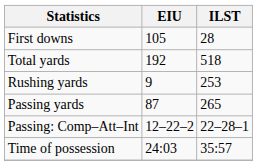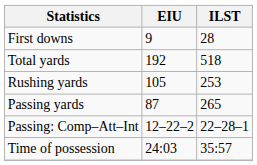 <table class="wikitable" style="float: left;">
 <tr>
 <th>Statistics</th>
 <th>EIU</th>
 <th>ILST</th>
 </tr>
 <tr>
 <td>First downs</td>
-<td>105</td>
+<td>9</td>
 <td>28</td>
 </tr>
 <tr>
 <td>Total yards</td>
 <td>192</td>
 <td>518</td>
 </tr>
 <tr>
 <td>Rushing yards</td>
-<td>9</td>
+<td>105</td>
 <td>253</td>
 </tr>
 <tr>
 <td>Passing yards</td>
 <td>87</td>
 <td>265</td>
 </tr>
 <tr>
 <td>Passing: Comp–Att–Int</td>
 <td>12–22–2</td>
 <td>22–28–1</td>
 </tr>
 <tr>
 <td>Time of possession</td>
 <td>24:03</td>
 <td>35:57</td>
 </tr>
 <tr>
 </tr>
 </table>
